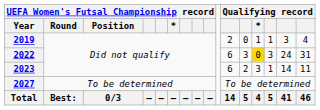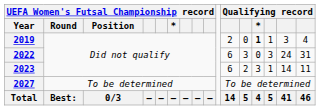 <table class="wikitable" style="text-align: center;">
 <tr>
 <th colspan="9"><a href='#'>UEFA Women's Futsal Championship</a> record</th>
 <td rowspan=17></td>
 <th colspan=6>Qualifying record</th>
 </tr>
 <tr>
 <th>Year</th>
 <th>Round</th>
 <th>Position</th>
 <th></th>
 <th></th>
 <th>*</th>
 <th></th>
 <th></th>
 <th></th>
 <th></th>
 <th></th>
 <th>*</th>
 <th></th>
 <th></th>
 <th></th>
 </tr>
 <tr>
 <th> <a href='#'>2019</a></th>
 <td colspan="8" rowspan="3"><em>Did not qualify</em></td>
 <td>2</td>
 <td>0</td>
-<td>1</td>
+<td><strong>1</strong></td>
 <td>1</td>
 <td>3</td>
 <td>4</td>
 </tr>
 <tr>
 <th> <a href='#'>2022</a></th>
 <td>6</td>
 <td>3</td>
-<td style="background: gold;">0</td>
+<td>0</td>
 <td>3</td>
 <td>24</td>
 <td>31</td>
 </tr>
 <tr>
 <th> <a href='#'>2023</a></th>
 <td>6</td>
 <td>2</td>
 <td>3</td>
 <td>1</td>
 <td>14</td>
 <td>11</td>
 </tr>
 <tr>
 <th> <a href='#'>2027</a></th>
 <td colspan="8"><em>To be determined</em></td>
 <td colspan=6><em>To be determined</em></td>
 </tr>
 <tr>
 <th>Total</th>
 <th>Best:</th>
 <th>0/3</th>
 <th>—</th>
 <th>—</th>
 <th>—</th>
 <th>—</th>
 <th>—</th>
 <th>—</th>
 <th>14</th>
 <th>5</th>
 <th>4</th>
 <th>5</th>
 <th>41</th>
 <th>46</th>
 </tr>
 </table>
